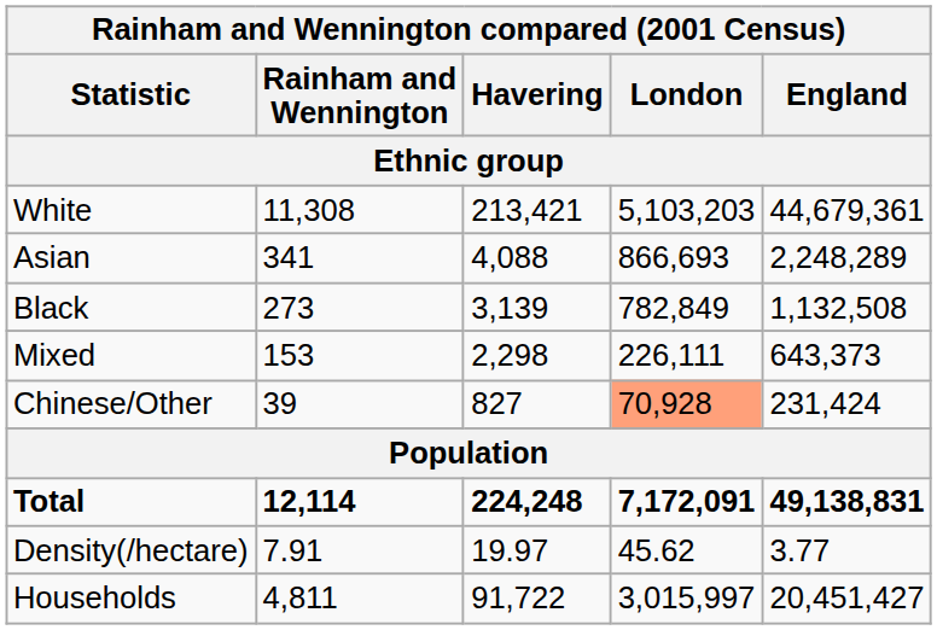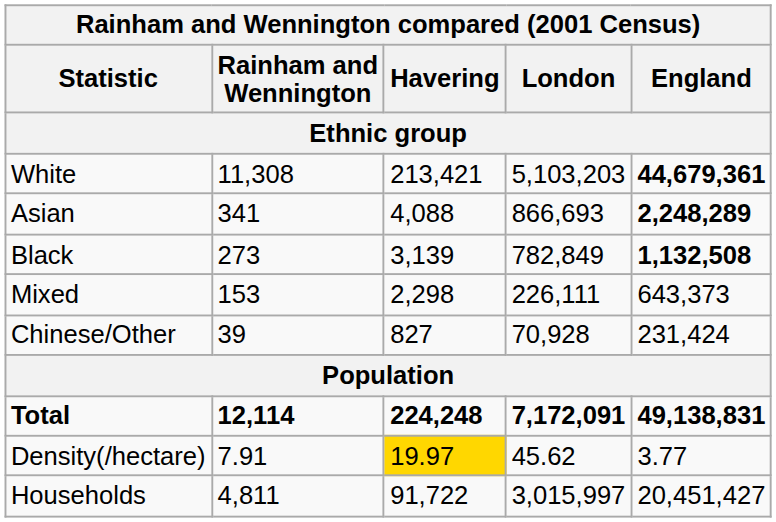 <table class="wikitable"  style="float:right; font-size:85%; margin-left:10px;">
 <tr>
 <th colspan="6">Rainham and Wennington compared (2001 Census)</th>
 </tr>
 <tr>
 <th>Statistic</th>
 <th>Rainham and<br>Wennington</th>
 <th>Havering</th>
 <th>London</th>
 <th>England</th>
 </tr>
 <tr>
 <th colspan="5">Ethnic group</th>
 </tr>
 <tr>
 <td>White</td>
 <td>11,308</td>
 <td>213,421</td>
 <td>5,103,203</td>
-<td>44,679,361</td>
+<td><strong>44,679,361</strong></td>
 </tr>
 <tr>
 <td>Asian</td>
 <td>341</td>
 <td>4,088</td>
 <td>866,693</td>
-<td>2,248,289</td>
+<td><strong>2,248,289</strong></td>
 </tr>
 <tr>
 <td>Black</td>
 <td>273</td>
 <td>3,139</td>
 <td>782,849</td>
-<td>1,132,508</td>
+<td><strong>1,132,508</strong></td>
 </tr>
 <tr>
 <td>Mixed</td>
 <td>153</td>
 <td>2,298</td>
 <td>226,111</td>
 <td>643,373</td>
 </tr>
 <tr>
 <td>Chinese/Other</td>
 <td>39</td>
 <td>827</td>
-<td style="background: lightsalmon;">70,928</td>
+<td>70,928</td>
 <td>231,424</td>
 </tr>
 <tr>
 <th colspan="5">Population</th>
 </tr>
 <tr>
 <td><strong>Total</strong></td>
 <td><strong>12,114</strong></td>
 <td><strong>224,248</strong></td>
 <td><strong>7,172,091</strong></td>
 <td><strong>49,138,831</strong></td>
 </tr>
 <tr>
 <td>Density(/hectare)</td>
 <td>7.91</td>
-<td>19.97</td>
+<td style="background: gold;">19.97</td>
 <td>45.62</td>
 <td>3.77</td>
 </tr>
 <tr>
 <td>Households</td>
 <td>4,811</td>
 <td>91,722</td>
 <td>3,015,997</td>
 <td>20,451,427</td>
 </tr>
 </table>
